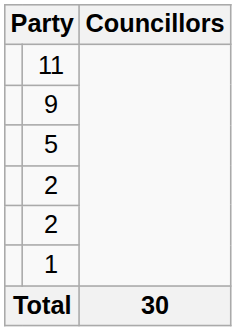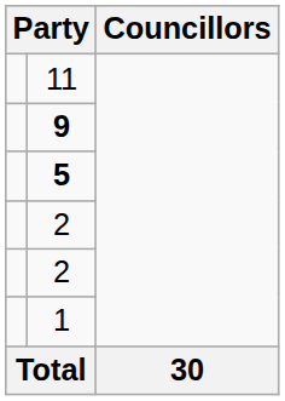 <table class="wikitable">
 <tr>
 <th colspan=2>Party</th>
 <th>Councillors</th>
 </tr>
 <tr>
 <td></td>
 <td align=center>11</td>
 </tr>
 <tr>
 <td></td>
-<td align=center>9</td>
+<td align=center><strong>9</strong></td>
 </tr>
 <tr>
 <td></td>
-<td align=center>5</td>
+<td align=center><strong>5</strong></td>
 </tr>
 <tr>
 <td></td>
 <td align=center>2</td>
 </tr>
 <tr>
 <td></td>
 <td align=center>2</td>
 </tr>
 <tr>
 <td></td>
 <td align=center>1</td>
 </tr>
 <tr>
 <th colspan=2>Total</th>
 <th align=center>30</th>
 </tr>
 </table>
